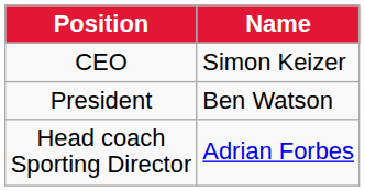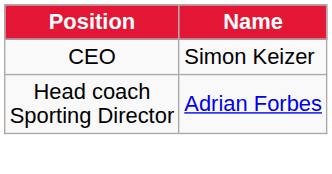 <table class="wikitable" style="text-align:center;">
 <tr>
 <th style="background:#E31735; color:#FFFFFF;">Position</th>
 <th style="background:#E31735; color:#FFFFFF;">Name</th>
 </tr>
 <tr>
 <td>CEO</td>
 <td align=left> Simon Keizer</td>
 </tr>
 <tr>
-<td>President</td>
-<td align=left> Ben Watson</td>
-</tr>
-<tr>
 <td>Head coach<br>Sporting Director</td>
 <td align=left> <a href='#'>Adrian Forbes</a></td>
 </tr>
 </table>
